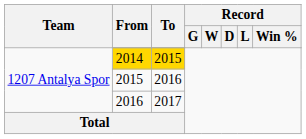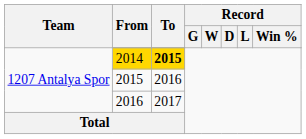 <table class="wikitable" style="text-align: center;">
 <tr>
 <th rowspan=2>Team</th>
 <th rowspan=2>From</th>
 <th rowspan=2>To</th>
 <th colspan=5>Record</th>
 </tr>
 <tr>
 <th>G</th>
 <th>W</th>
 <th>D</th>
 <th>L</th>
 <th>Win %</th>
 </tr>
 <tr>
 <td rowspan=4 align=left><a href='#'>1207 Antalya Spor</a></td>
 </tr>
 <tr bgcolor=gold>
 <td align=left>2014</td>
-<td align=left>2015<br></td>
+<td align=left><strong>2015<br></strong></td>
 </tr>
 <tr>
 <td align=left>2015</td>
 <td align=left>2016<br></td>
 </tr>
 <tr>
 <td align=left>2016</td>
 <td align=left>2017<br></td>
 </tr>
 <tr>
 <th colspan="3">Total<br></th>
 </tr>
 </table>
